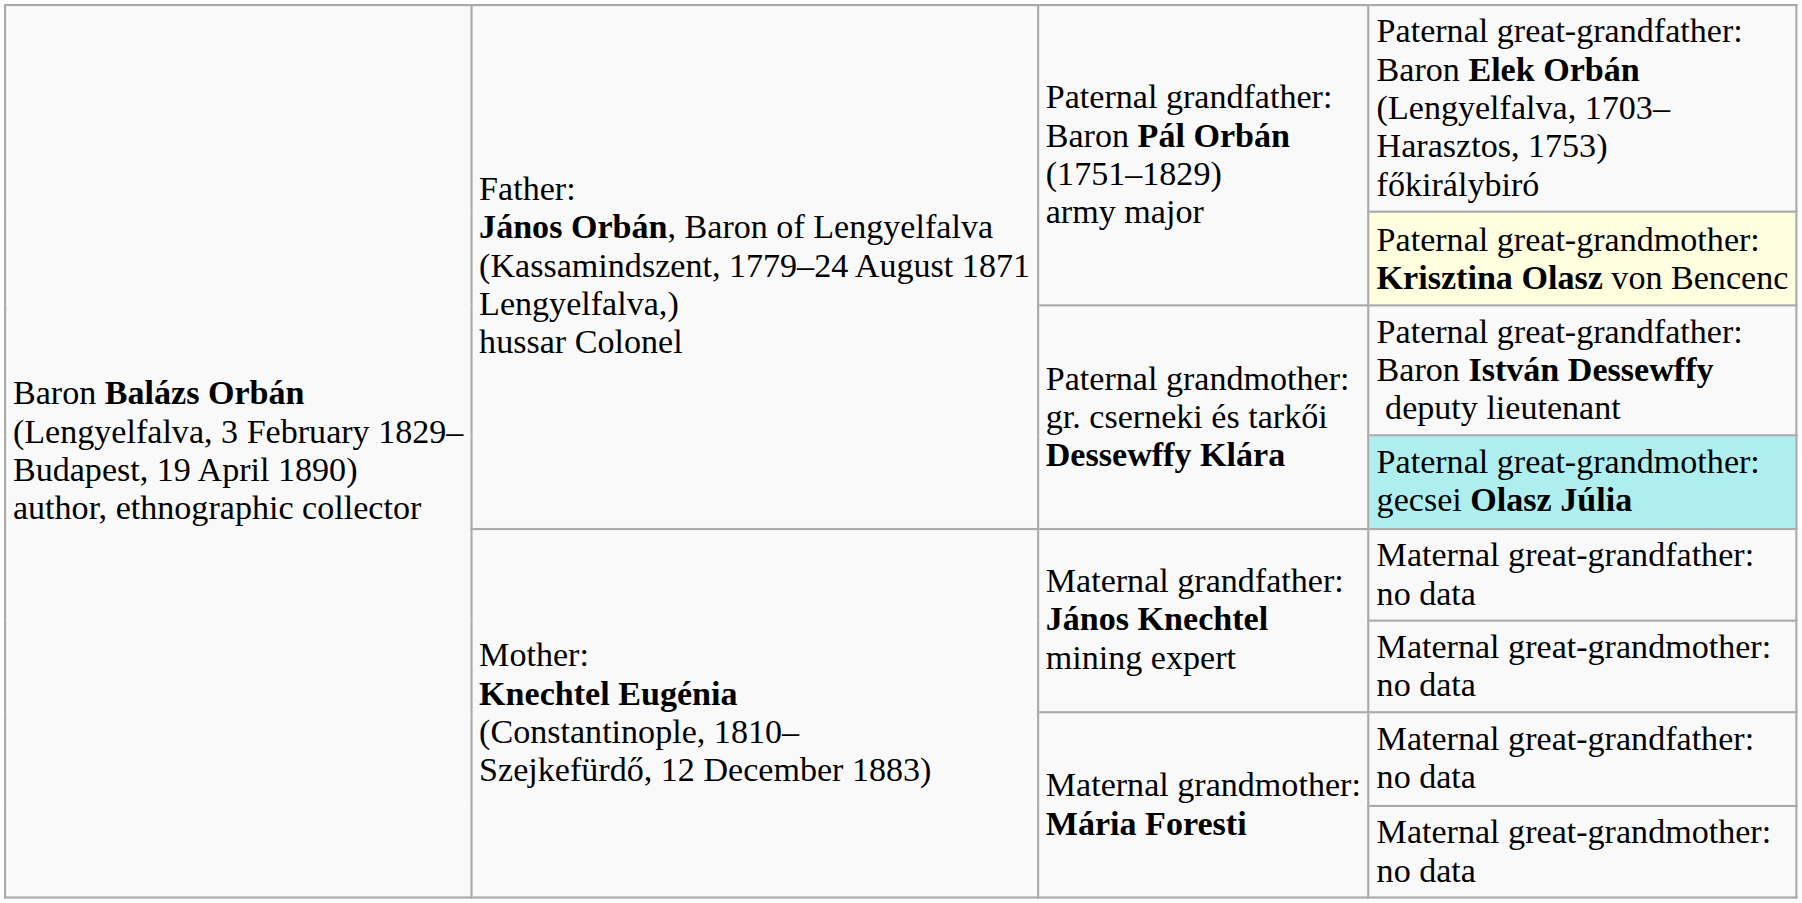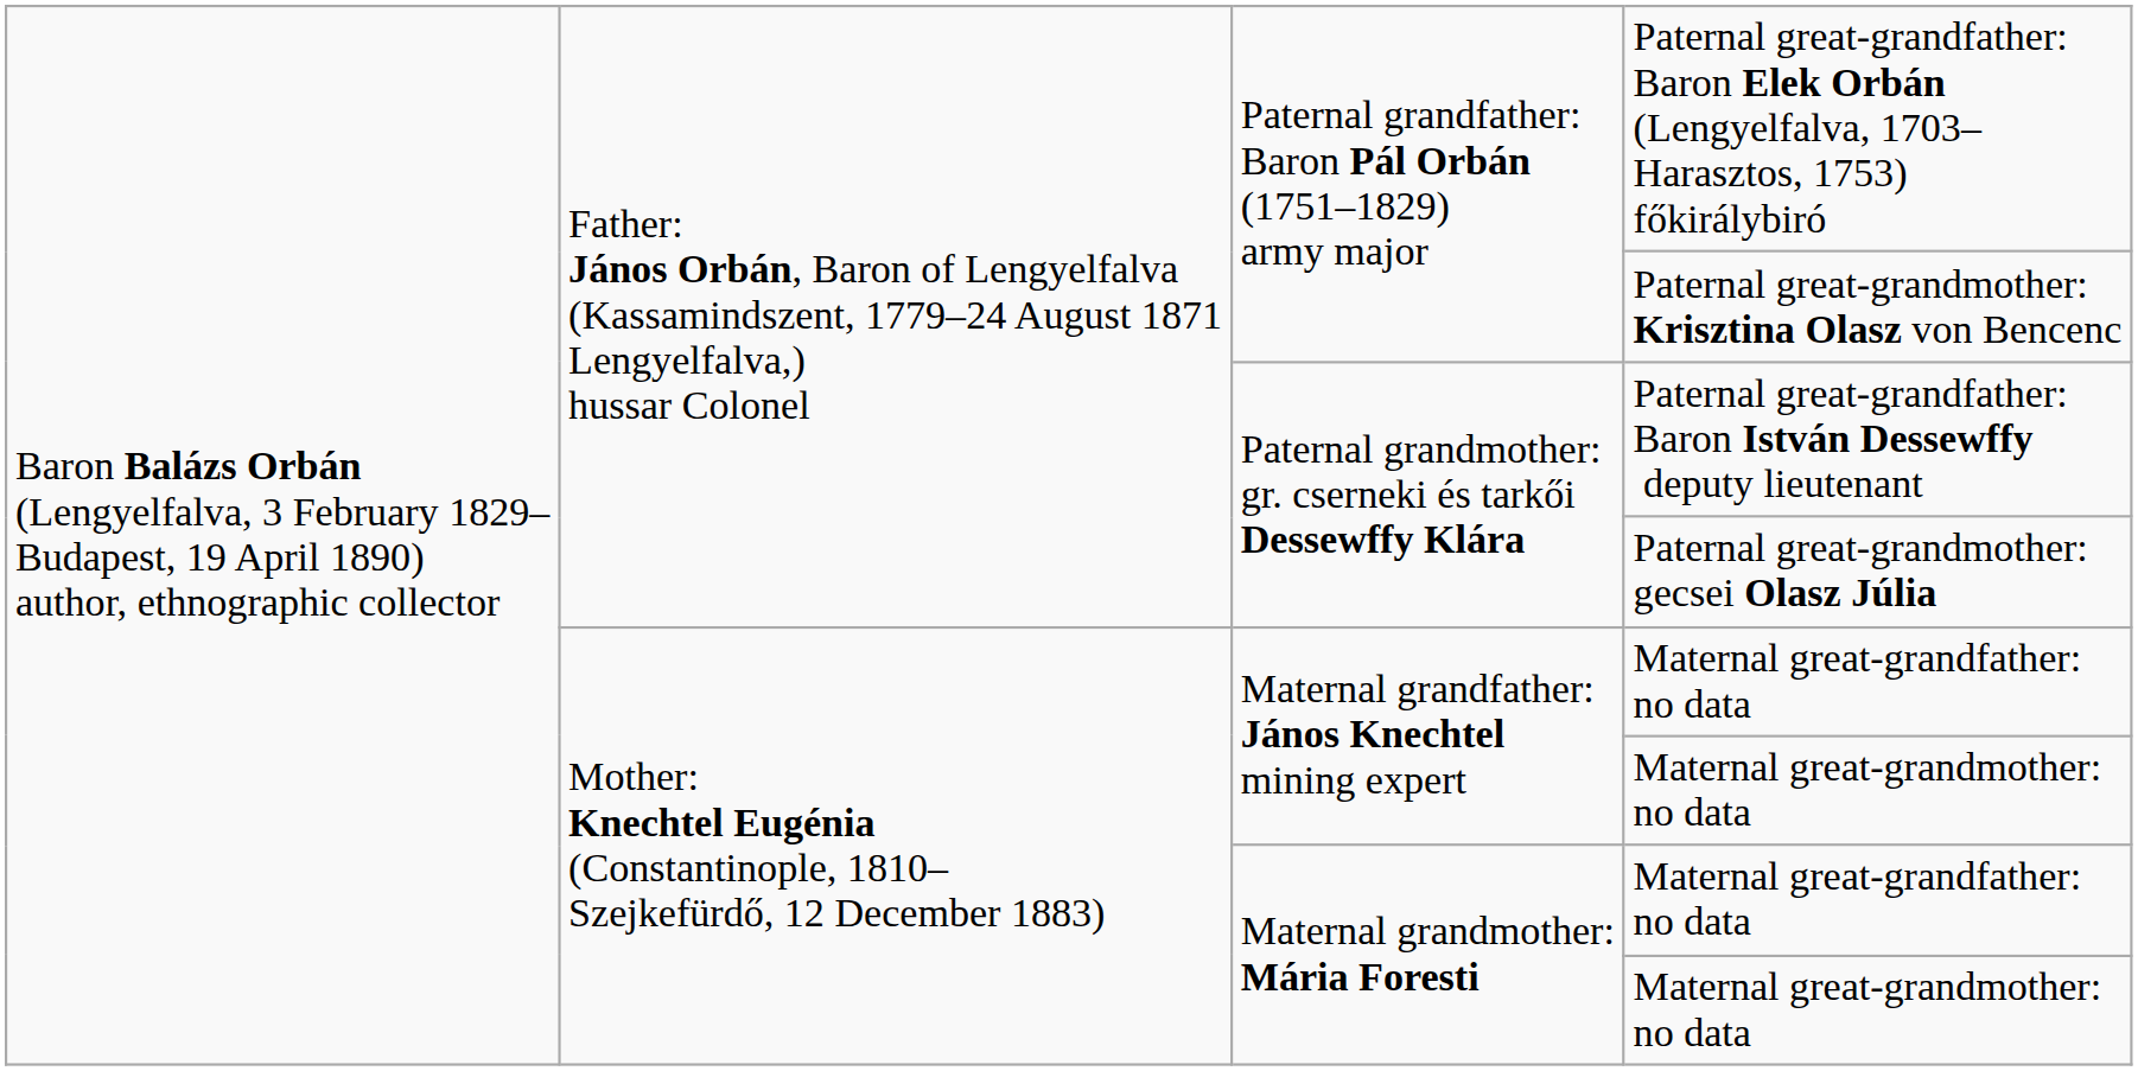 <table class="wikitable">
 <tr>
 <td rowspan="8">Baron <strong>Balázs Orbán</strong><br>(Lengyelfalva, 3 February 1829–<br>Budapest, 19 April 1890)<br>author, ethnographic collector</td>
 <td rowspan="4">Father:<br><strong>János Orbán</strong>, Baron of Lengyelfalva<br>(Kassamindszent, 1779–24 August 1871<br>Lengyelfalva,)<br>hussar Colonel</td>
 <td rowspan="2">Paternal grandfather:<br>Baron <strong>Pál Orbán</strong><br>(1751–1829)<br>army major</td>
 <td>Paternal great-grandfather:<br>Baron <strong>Elek Orbán</strong><br>(Lengyelfalva, 1703–<br>Harasztos, 1753)<br>főkirálybiró</td>
 </tr>
 <tr>
-<td style="background: lightyellow;">Paternal great-grandmother:<br><strong>Krisztina Olasz</strong> von Bencenc</td>
+<td>Paternal great-grandmother:<br><strong>Krisztina Olasz</strong> von Bencenc</td>
 </tr>
 <tr>
 <td rowspan="2">Paternal grandmother:<br>gr. cserneki és tarkői<br><strong>Dessewffy Klára</strong></td>
 <td>Paternal great-grandfather:<br>Baron <strong>István Dessewffy</strong><br> deputy lieutenant</td>
 </tr>
 <tr>
-<td style="background: paleturquoise;">Paternal great-grandmother:<br>gecsei <strong>Olasz Júlia</strong></td>
+<td>Paternal great-grandmother:<br>gecsei <strong>Olasz Júlia</strong></td>
 </tr>
 <tr>
 <td rowspan="4">Mother:<br><strong>Knechtel Eugénia</strong><br>(Constantinople, 1810–<br>Szejkefürdő, 12 December 1883)</td>
 <td rowspan="2">Maternal grandfather:<br><strong>János Knechtel</strong><br>mining expert</td>
 <td>Maternal great-grandfather:<br>no data</td>
 </tr>
 <tr>
 <td>Maternal great-grandmother:<br>no data</td>
 </tr>
 <tr>
 <td rowspan="2">Maternal grandmother:<br><strong>Mária Foresti</strong></td>
 <td>Maternal great-grandfather:<br>no data</td>
 </tr>
 <tr>
 <td>Maternal great-grandmother:<br>no data</td>
 </tr>
 </table>
